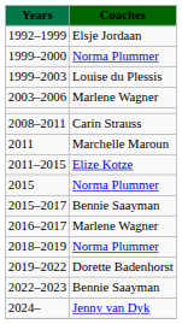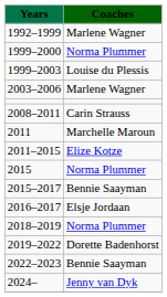 <table class="wikitable collapsible" border="1">
 <tr>
 <th style="background:#007749;"><span>Years</span></th>
 <th style="background:#006400;"><span>Coaches</span></th>
 </tr>
 <tr>
 <td>1992–1999</td>
-<td>Elsje Jordaan</td>
+<td>Marlene Wagner</td>
 </tr>
 <tr>
 <td>1999–2000</td>
 <td><a href='#'>Norma Plummer</a></td>
 </tr>
 <tr>
 <td>1999–2003</td>
 <td>Louise du Plessis</td>
 </tr>
 <tr>
 <td>2003–2006</td>
 <td>Marlene Wagner</td>
 </tr>
 <tr>
 <td></td>
 </tr>
 <tr>
 <td>2008–2011</td>
 <td>Carin Strauss</td>
 </tr>
 <tr>
 <td>2011</td>
 <td>Marchelle Maroun</td>
 </tr>
 <tr>
 <td>2011–2015</td>
 <td><a href='#'>Elize Kotze</a></td>
 </tr>
 <tr>
 <td>2015</td>
 <td><a href='#'>Norma Plummer</a></td>
 </tr>
 <tr>
 <td>2015–2017</td>
 <td>Bennie Saayman</td>
 </tr>
 <tr>
 <td>2016–2017</td>
-<td>Marlene Wagner</td>
+<td>Elsje Jordaan</td>
 </tr>
 <tr>
 <td>2018–2019</td>
 <td><a href='#'>Norma Plummer</a></td>
 </tr>
 <tr>
 <td>2019–2022</td>
 <td>Dorette Badenhorst</td>
 </tr>
 <tr>
 <td>2022–2023</td>
 <td>Bennie Saayman</td>
 </tr>
 <tr>
 <td>2024–</td>
 <td><a href='#'>Jenny van Dyk</a></td>
 </tr>
 <tr>
 </tr>
 </table>
